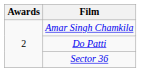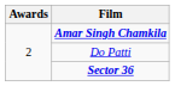 <table class="wikitable plainrowheaders" style="text-align:center;">
 <tr>
 <th scope="col" style="width:55px;">Awards</th>
 <th scope="col" style="text-align:center;">Film</th>
 </tr>
 <tr>
 <td rowspan="3">2</td>
-<td><a href='#'><em>Amar Singh Chamkila</em></a></td>
+<td><strong><a href='#'><em>Amar Singh Chamkila</em></a></strong></td>
 </tr>
 <tr>
 <td><em><a href='#'>Do Patti</a></em></td>
 </tr>
 <tr>
-<td><em><a href='#'>Sector 36</a></em></td>
+<td><strong><em><a href='#'>Sector 36</a></em></strong></td>
 </tr>
 </table>
